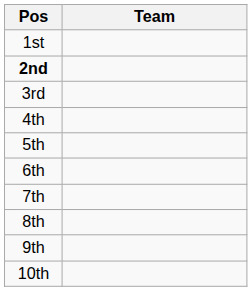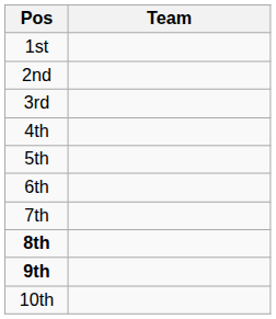 <table class="wikitable">
 <tr>
 <th width=50>Pos</th>
 <th width=175>Team</th>
 </tr>
 <tr>
 <td align="center">1st</td>
 <td></td>
 </tr>
 <tr>
-<td align="center"><strong>2nd</strong></td>
+<td align="center">2nd</td>
 <td></td>
 </tr>
 <tr>
 <td align="center">3rd</td>
 <td></td>
 </tr>
 <tr>
 <td align="center">4th</td>
 <td></td>
 </tr>
 <tr>
 <td align="center">5th</td>
 <td></td>
 </tr>
 <tr>
 <td align="center">6th</td>
 <td></td>
 </tr>
 <tr>
 <td align="center">7th</td>
 <td></td>
 </tr>
 <tr>
-<td align="center">8th</td>
+<td align="center"><strong>8th</strong></td>
 <td></td>
 </tr>
 <tr>
-<td align="center">9th</td>
+<td align="center"><strong>9th</strong></td>
 <td></td>
 </tr>
 <tr>
 <td align="center">10th</td>
 <td></td>
 </tr>
 </table>
